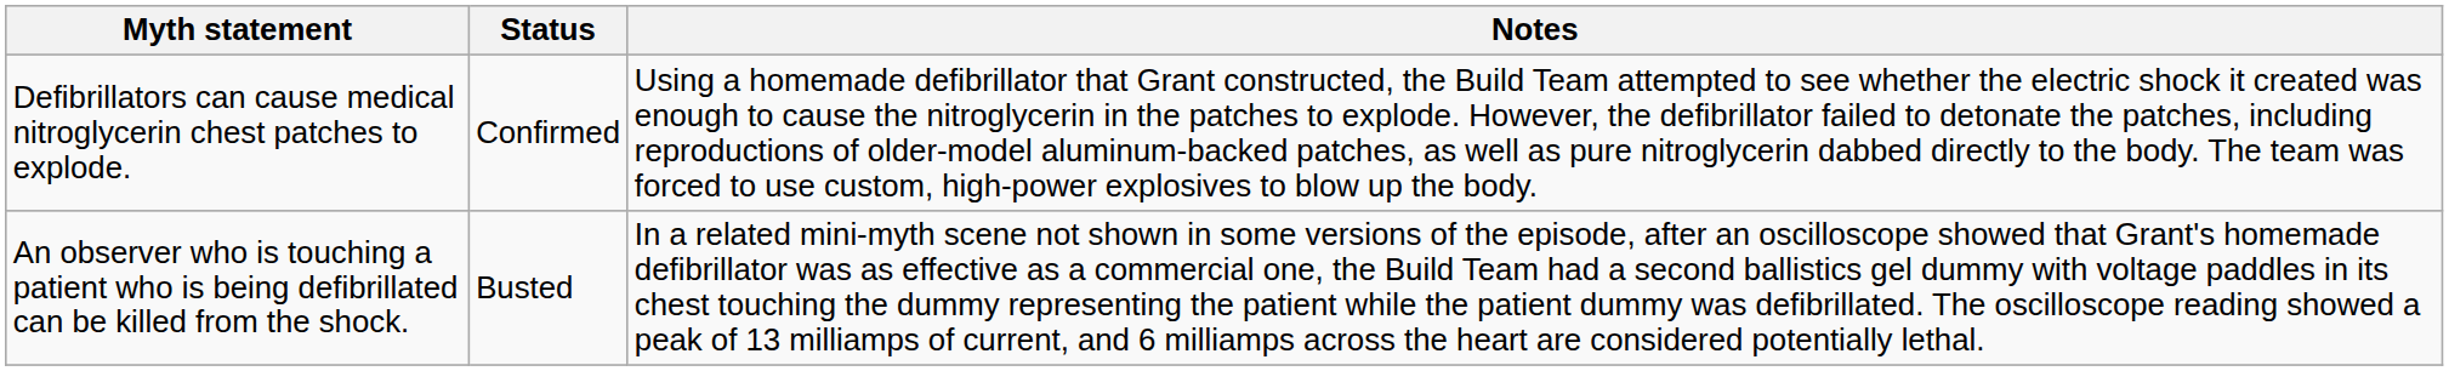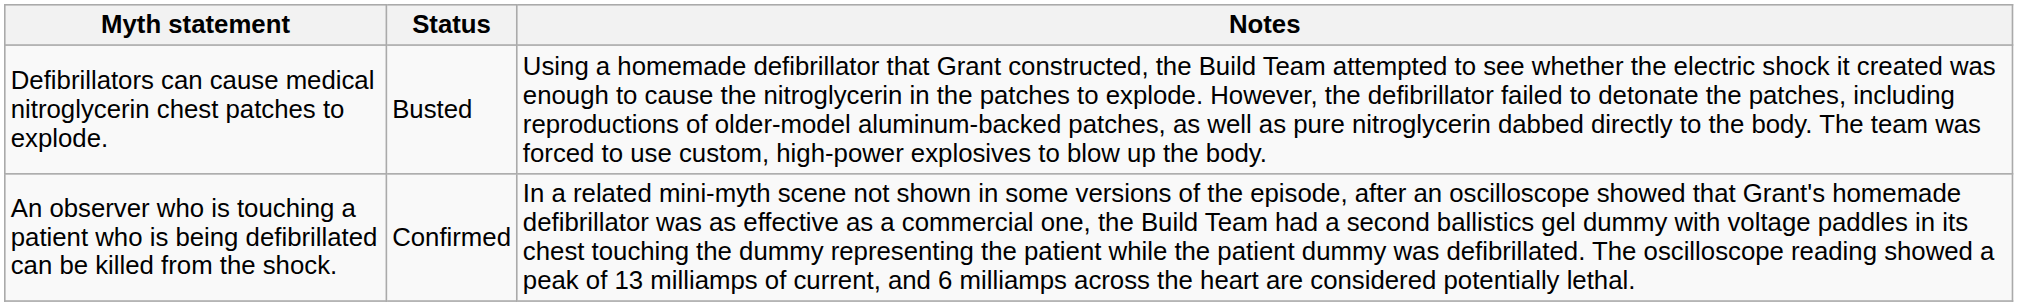 <table class="wikitable plainrowheaders">
 <tr>
 <th>Myth statement</th>
 <th>Status</th>
 <th>Notes</th>
 </tr>
 <tr>
 <td>Defibrillators can cause medical nitroglycerin chest patches to explode.</td>
-<td><span>Confirmed</span></td>
+<td><span>Busted</span></td>
 <td>Using a homemade defibrillator that Grant constructed, the Build Team attempted to see whether the electric shock it created was enough to cause the nitroglycerin in the patches to explode. However, the defibrillator failed to detonate the patches, including reproductions of older-model aluminum-backed patches, as well as pure nitroglycerin dabbed directly to the body. The team was forced to use custom, high-power explosives to blow up the body.</td>
 </tr>
 <tr>
 <td>An observer who is touching a patient who is being defibrillated can be killed from the shock.</td>
-<td><span>Busted</span></td>
+<td><span>Confirmed</span></td>
 <td>In a related mini-myth scene not shown in some versions of the episode, after an oscilloscope showed that Grant's homemade defibrillator was as effective as a commercial one, the Build Team had a second ballistics gel dummy with voltage paddles in its chest touching the dummy representing the patient while the patient dummy was defibrillated. The oscilloscope reading showed a peak of 13 milliamps of current, and 6 milliamps across the heart are considered potentially lethal.</td>
 </tr>
 </table>
